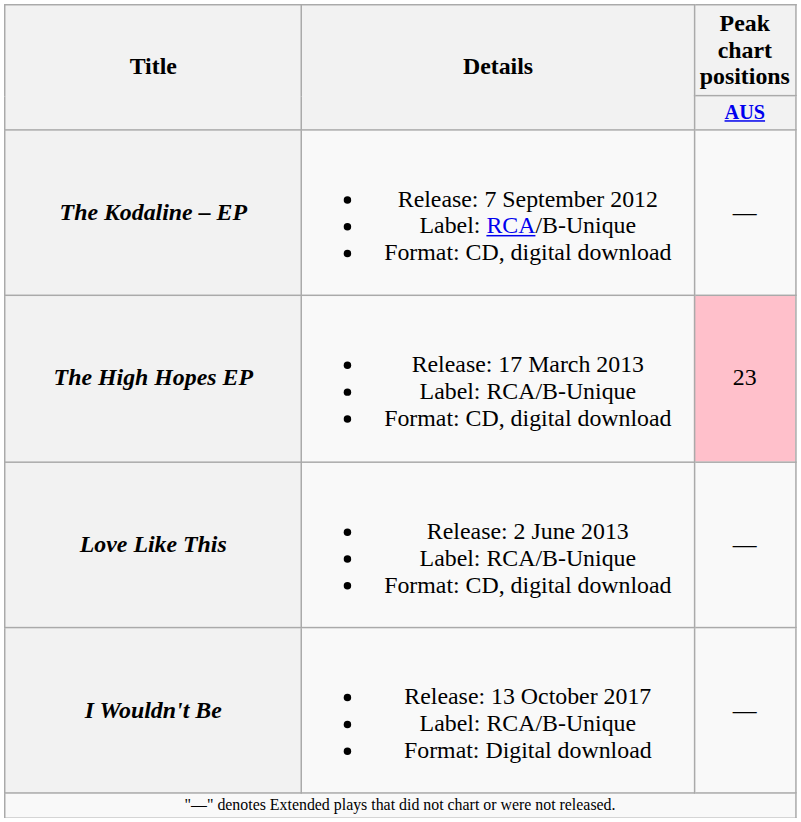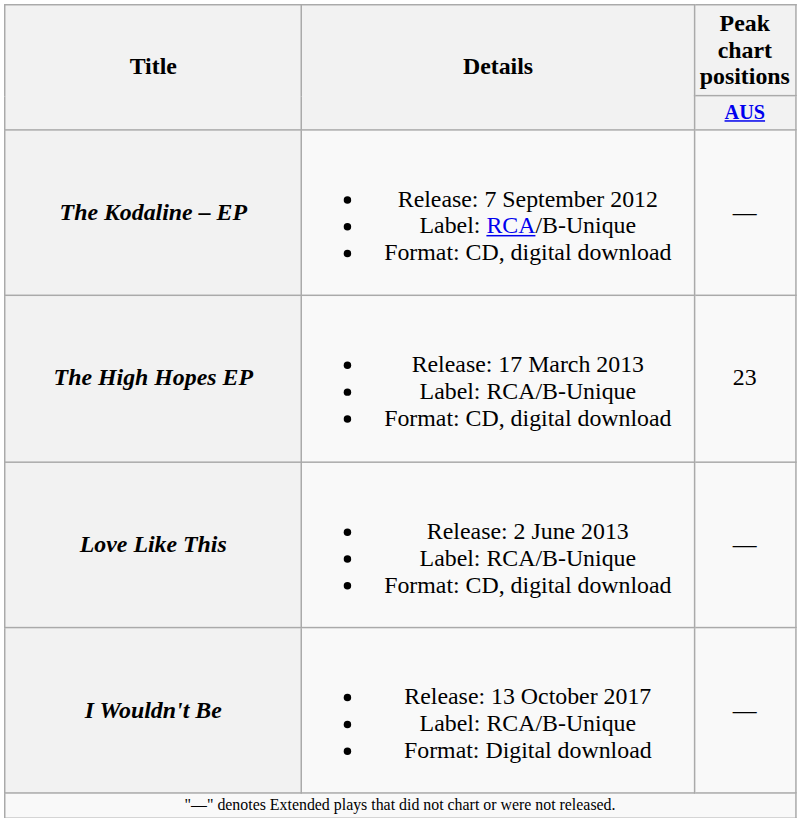 <table class="wikitable plainrowheaders" style="text-align:center;" border="1">
 <tr>
 <th scope="col" rowspan="2" style="width:12em;">Title</th>
 <th scope="col" rowspan="2" style="width:16em;">Details</th>
 <th scope="col" colspan="1">Peak<br>chart<br>positions</th>
 </tr>
 <tr>
 <th scope="col" style="width:3em;font-size:85%;"><a href='#'>AUS</a><br></th>
 </tr>
 <tr>
 <th scope="row"><em>The Kodaline – EP</em></th>
 <td><br><ul><li>Release: 7 September 2012</li><li>Label: <a href='#'>RCA</a>/B-Unique</li><li>Format: CD, digital download</li></ul></td>
 <td>—</td>
 </tr>
 <tr>
 <th scope="row"><em>The High Hopes EP</em></th>
 <td><br><ul><li>Release: 17 March 2013</li><li>Label: RCA/B-Unique</li><li>Format: CD, digital download</li></ul></td>
-<td style="background: pink;">23</td>
+<td>23</td>
 </tr>
 <tr>
 <th scope="row"><em>Love Like This</em></th>
 <td><br><ul><li>Release: 2 June 2013</li><li>Label: RCA/B-Unique</li><li>Format: CD, digital download</li></ul></td>
 <td>—</td>
 </tr>
 <tr>
 <th scope="row"><em>I Wouldn't Be</em></th>
 <td><br><ul><li>Release: 13 October 2017</li><li>Label: RCA/B-Unique</li><li>Format: Digital download</li></ul></td>
 <td>—</td>
 </tr>
 <tr>
 <td colspan="16" style="text-align:center; font-size:8pt;">"—" denotes Extended plays that did not chart or were not released.</td>
 </tr>
 </table>
